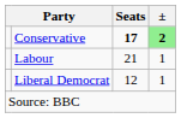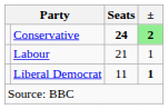 <table class="sortable wikitable">
 <tr>
 <th colspan="2">Party</th>
 <th>Seats</th>
 <th>  ±  </th>
 </tr>
 <tr>
 <td style="background-color: "></td>
 <td><a href='#'>Conservative</a></td>
-<td align="center"><strong>17</strong></td>
+<td align="center"><strong>24</strong></td>
 <td align="center" style="background: lightgreen;"><strong>2</strong></td>
 </tr>
 <tr>
 <td style="background-color: "></td>
 <td><a href='#'>Labour</a></td>
 <td align="center">21</td>
 <td align="center">1</td>
 </tr>
 <tr>
 <td style="background-color: "></td>
 <td><a href='#'>Liberal Democrat</a></td>
-<td align="center">12</td>
-<td align="center">1</td>
+<td align="center">11</td>
+<td align="center"><strong>1</strong></td>
 </tr>
 <tr>
 <td colspan=4>Source: BBC</td>
 </tr>
 </table>
